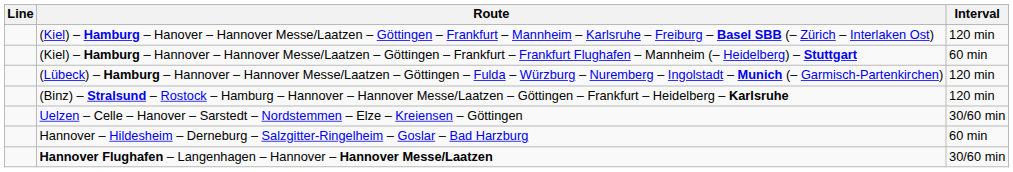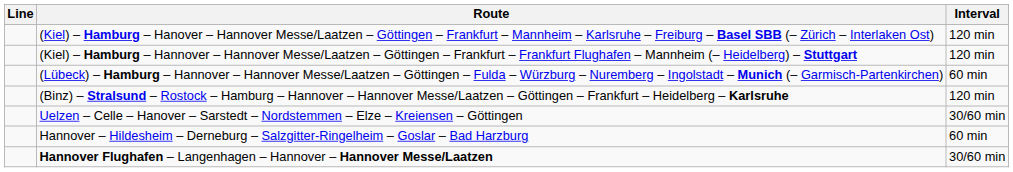 <table class="wikitable">
 <tr>
 <th>Line</th>
 <th>Route</th>
 <th>Interval</th>
 </tr>
 <tr>
 <td></td>
 <td>(<a href='#'>Kiel</a>) – <strong><a href='#'>Hamburg</a></strong> – Hanover – Hannover Messe/Laatzen – <a href='#'>Göttingen</a> – <a href='#'>Frankfurt</a> – <a href='#'>Mannheim</a> – <a href='#'>Karlsruhe</a> – <a href='#'>Freiburg</a> – <strong><a href='#'>Basel SBB</a></strong> (– <a href='#'>Zürich</a> – <a href='#'>Interlaken Ost</a>)</td>
 <td>120 min</td>
 </tr>
 <tr>
 <td></td>
 <td>(Kiel) – <strong>Hamburg</strong> – Hannover – Hannover Messe/Laatzen – Göttingen – Frankfurt – <a href='#'>Frankfurt Flughafen</a> – Mannheim (– <a href='#'>Heidelberg</a>) – <strong><a href='#'>Stuttgart</a></strong></td>
-<td>60 min</td>
+<td>120 min</td>
 </tr>
 <tr>
 <td></td>
 <td>(<a href='#'>Lübeck</a>) – <strong>Hamburg</strong> – Hannover – Hannover Messe/Laatzen – Göttingen – <a href='#'>Fulda</a> – <a href='#'>Würzburg</a> – <a href='#'>Nuremberg</a> – <a href='#'>Ingolstadt</a> – <strong><a href='#'>Munich</a></strong> (– <a href='#'>Garmisch-Partenkirchen</a>)</td>
-<td>120 min</td>
+<td>60 min</td>
 </tr>
 <tr>
 <td></td>
 <td>(Binz) – <strong><a href='#'>Stralsund</a></strong> – <a href='#'>Rostock</a> – Hamburg – Hannover – Hannover Messe/Laatzen – Göttingen – Frankfurt – Heidelberg – <strong>Karlsruhe</strong></td>
 <td>120 min</td>
 </tr>
 <tr>
 <td></td>
 <td><a href='#'>Uelzen</a> – Celle – Hanover –  Sarstedt – <a href='#'>Nordstemmen</a> – Elze – <a href='#'>Kreiensen</a> – Göttingen</td>
 <td>30/60 min</td>
 </tr>
 <tr>
 <td></td>
 <td>Hannover –  <a href='#'>Hildesheim</a> – Derneburg – <a href='#'>Salzgitter-Ringelheim</a> – <a href='#'>Goslar</a> – <a href='#'>Bad Harzburg</a></td>
 <td>60 min</td>
 </tr>
 <tr>
 <td></td>
 <td><strong>Hannover Flughafen</strong> – Langenhagen – Hannover – <strong>Hannover Messe/Laatzen</strong></td>
 <td>30/60 min</td>
 </tr>
 </table>
